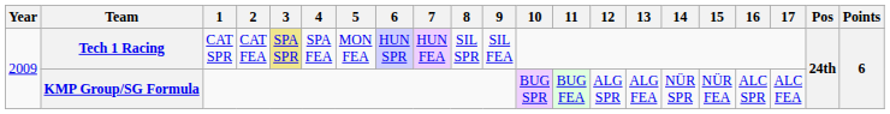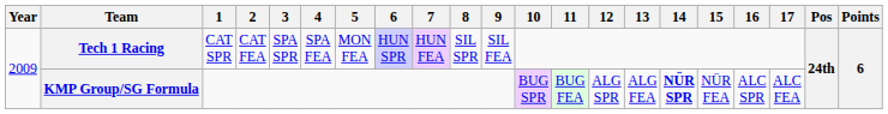 <table class="wikitable" style="text-align:center; font-size:85%">
 <tr>
 <th>Year</th>
 <th>Team</th>
 <th>1</th>
 <th>2</th>
 <th>3</th>
 <th>4</th>
 <th>5</th>
 <th>6</th>
 <th>7</th>
 <th>8</th>
 <th>9</th>
 <th>10</th>
 <th>11</th>
 <th>12</th>
 <th>13</th>
 <th>14</th>
 <th>15</th>
 <th>16</th>
 <th>17</th>
 <th>Pos</th>
 <th>Points</th>
 </tr>
 <tr>
 <td rowspan=2><a href='#'>2009</a></td>
 <th nowrap><a href='#'>Tech 1 Racing</a></th>
 <td><a href='#'>CAT<br>SPR</a></td>
 <td><a href='#'>CAT<br>FEA</a></td>
-<td style="background: khaki;"><a href='#'>SPA<br>SPR</a></td>
+<td><a href='#'>SPA<br>SPR</a></td>
 <td><a href='#'>SPA<br>FEA</a></td>
 <td><a href='#'>MON<br>FEA</a></td>
 <td style="background:#CFCFFF;"><a href='#'>HUN<br>SPR</a><br></td>
 <td style="background:#EFCFFF;"><a href='#'>HUN<br>FEA</a><br></td>
 <td><a href='#'>SIL<br>SPR</a></td>
 <td><a href='#'>SIL<br>FEA</a></td>
 <td colspan=8></td>
 <th rowspan=2>24th</th>
 <th rowspan=2>6</th>
 </tr>
 <tr>
 <th nowrap><a href='#'>KMP Group/SG Formula</a></th>
 <td colspan=9></td>
 <td style="background:#EFCFFF;"><a href='#'>BUG<br>SPR</a><br></td>
 <td style="background:#DFFFDF;"><a href='#'>BUG<br>FEA</a><br></td>
 <td><a href='#'>ALG<br>SPR</a></td>
 <td><a href='#'>ALG<br>FEA</a></td>
-<td><a href='#'>NÜR<br>SPR</a></td>
+<td><strong><a href='#'>NÜR<br>SPR</a></strong></td>
 <td><a href='#'>NÜR<br>FEA</a></td>
 <td><a href='#'>ALC<br>SPR</a></td>
 <td><a href='#'>ALC<br>FEA</a></td>
 </tr>
 </table>
